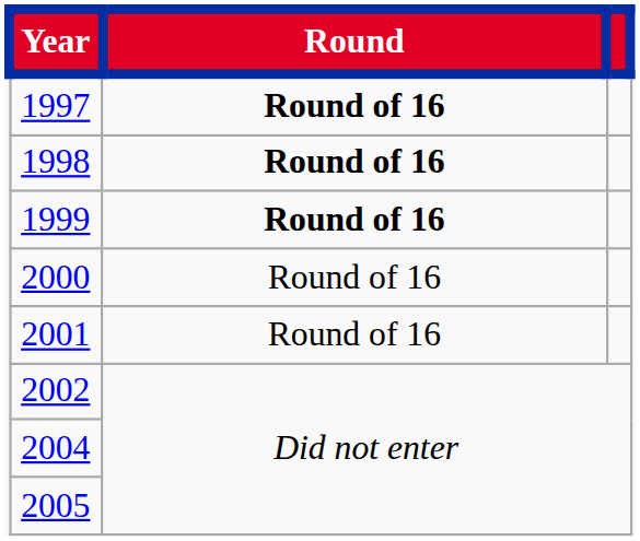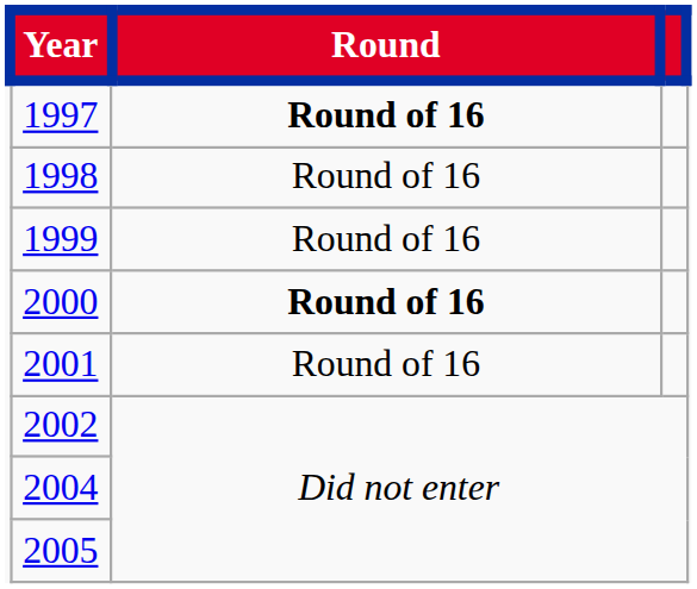 <table class="wikitable" style="text-align: center; font-size:90%">
 <tr style="color:white;">
 <th style="background:#e00025; border: 4px solid #032ea1;">Year</th>
 <th style="background:#e00025; border: 4px solid #032ea1; width:200px">Round</th>
 <th style="background:#e00025; border: 4px solid #032ea1;"></th>
 </tr>
 <tr>
 <td><a href='#'>1997</a></td>
 <td><strong>Round of 16</strong></td>
 <td></td>
 </tr>
 <tr>
 <td><a href='#'>1998</a></td>
-<td><strong>Round of 16</strong></td>
+<td>Round of 16</td>
 <td></td>
 </tr>
 <tr>
 <td><a href='#'>1999</a></td>
-<td><strong>Round of 16</strong></td>
+<td>Round of 16</td>
 <td></td>
 </tr>
 <tr>
 <td><a href='#'>2000</a></td>
-<td>Round of 16</td>
+<td><strong>Round of 16</strong></td>
 <td></td>
 </tr>
 <tr>
 <td><a href='#'>2001</a></td>
 <td>Round of 16</td>
 <td></td>
 </tr>
 <tr>
 <td><a href='#'>2002</a></td>
 <td colspan="2" rowspan="3"><em>Did not enter</em></td>
 </tr>
 <tr>
 <td><a href='#'>2004</a></td>
 </tr>
 <tr>
 <td><a href='#'>2005</a></td>
 </tr>
 </table>
